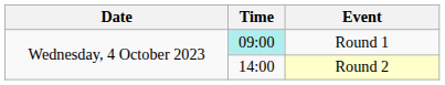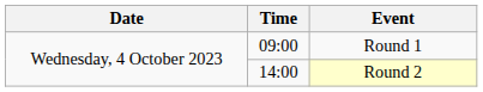 <table class = "wikitable" style="text-align:center;">
 <tr>
 <th width=220>Date</th>
 <th width=50>Time</th>
 <th width=150>Event</th>
 </tr>
 <tr>
 <td rowspan=2>Wednesday, 4 October 2023</td>
-<td style="background: paleturquoise;">09:00</td>
+<td>09:00</td>
 <td>Round 1</td>
 </tr>
 <tr>
 <td>14:00</td>
 <td bgcolor=ffffcc>Round 2</td>
 </tr>
 </table>
